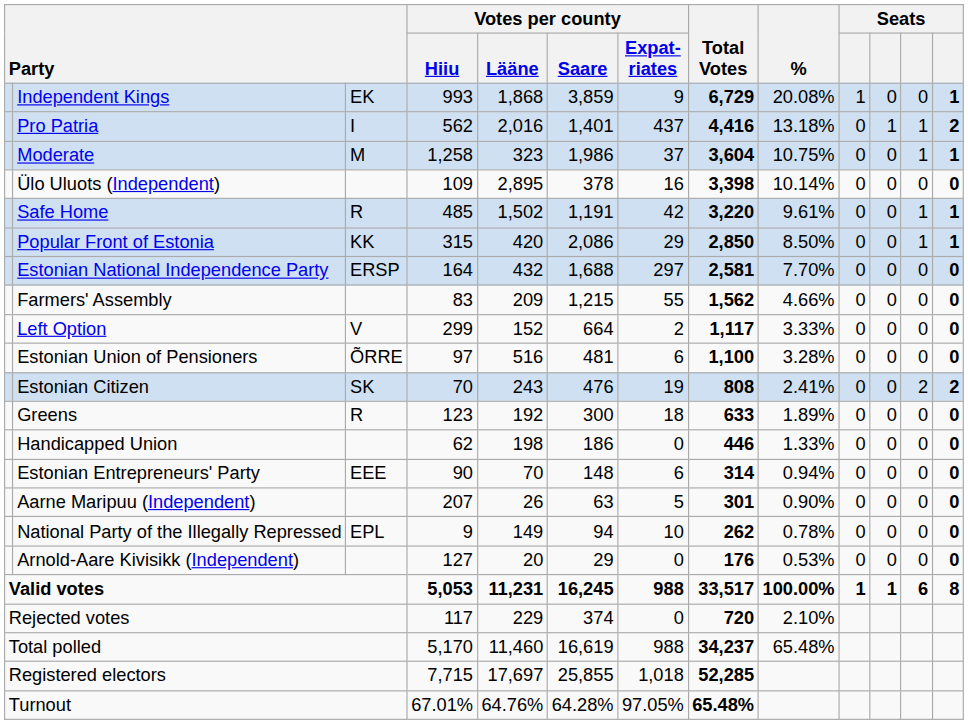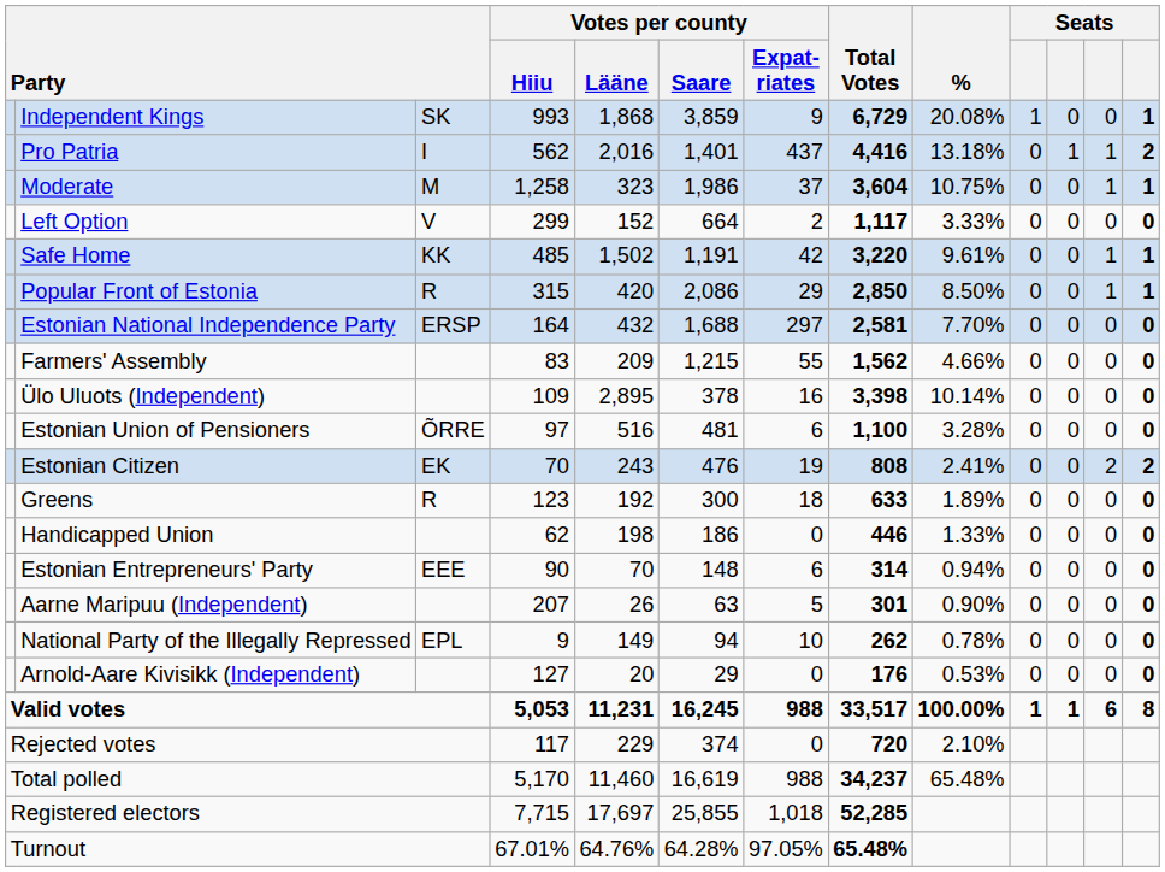 <table class="wikitable" border="1" style="text-align:right;">
 <tr>
 <th style="text-align:left;" valign=bottom rowspan=2 colspan=3>Party</th>
 <th colspan=4>Votes per county</th>
 <th align=center valign=bottom rowspan=2 width="50">Total Votes</th>
 <th align=center valign=bottom rowspan=2 width="50">%</th>
 <th colspan=4>Seats</th>
 </tr>
 <tr>
 <th align=center valign=bottom width="50"><a href='#'>Hiiu</a></th>
 <th align=center valign=bottom width="50"><a href='#'>Lääne</a></th>
 <th align=center valign=bottom width="50"><a href='#'>Saare</a></th>
 <th align=center valign=bottom width="50"><a href='#'>Expat- riates</a></th>
 <th align=center valign=bottom width="20"><small></small></th>
 <th align=center valign=bottom width="20"><small></small></th>
 <th align=center valign=bottom width="20"><small></small></th>
 <th align=center valign=bottom width="20"><small></small></th>
 </tr>
 <tr style="background:#CEE0F2;">
 <td></td>
 <td align=left><a href='#'>Independent Kings</a></td>
-<td align=left>EK</td>
+<td align=left>SK</td>
 <td>993</td>
 <td>1,868</td>
 <td>3,859</td>
 <td>9</td>
 <td><strong>6,729</strong></td>
 <td>20.08%</td>
 <td>1</td>
 <td>0</td>
 <td>0</td>
 <td><strong>1</strong></td>
 </tr>
 <tr style="background:#CEE0F2;">
 <td style="background:"></td>
 <td align=left><a href='#'>Pro Patria</a></td>
 <td align=left>I</td>
 <td>562</td>
 <td>2,016</td>
 <td>1,401</td>
 <td>437</td>
 <td><strong>4,416</strong></td>
 <td>13.18%</td>
 <td>0</td>
 <td>1</td>
 <td>1</td>
 <td><strong>2</strong></td>
 </tr>
 <tr style="background:#CEE0F2;">
 <td style="background:"></td>
 <td align=left><a href='#'>Moderate</a></td>
 <td align=left>M</td>
 <td>1,258</td>
 <td>323</td>
 <td>1,986</td>
 <td>37</td>
 <td><strong>3,604</strong></td>
 <td>10.75%</td>
 <td>0</td>
 <td>0</td>
 <td>1</td>
 <td><strong>1</strong></td>
 </tr>
 <tr>
 <td style="background:"></td>
-<td align=left>Ülo Uluots (<a href='#'>Independent</a>)</td>
-<td></td>
-<td>109</td>
-<td>2,895</td>
-<td>378</td>
-<td>16</td>
-<td><strong>3,398</strong></td>
-<td>10.14%</td>
+<td align=left><a href='#'>Left Option</a></td>
+<td align=left>V</td>
+<td>299</td>
+<td>152</td>
+<td>664</td>
+<td>2</td>
+<td><strong>1,117</strong></td>
+<td>3.33%</td>
 <td>0</td>
 <td>0</td>
 <td>0</td>
 <td><strong>0</strong></td>
 </tr>
 <tr style="background:#CEE0F2;">
 <td style="background:"></td>
 <td align=left><a href='#'>Safe Home</a></td>
-<td align=left>R</td>
+<td align=left>KK</td>
 <td>485</td>
 <td>1,502</td>
 <td>1,191</td>
 <td>42</td>
 <td><strong>3,220</strong></td>
 <td>9.61%</td>
 <td>0</td>
 <td>0</td>
 <td>1</td>
 <td><strong>1</strong></td>
 </tr>
 <tr style="background:#CEE0F2;">
 <td style="background:"></td>
 <td align=left><a href='#'>Popular Front of Estonia</a></td>
-<td align=left>KK</td>
+<td align=left>R</td>
 <td>315</td>
 <td>420</td>
 <td>2,086</td>
 <td>29</td>
 <td><strong>2,850</strong></td>
 <td>8.50%</td>
 <td>0</td>
 <td>0</td>
 <td>1</td>
 <td><strong>1</strong></td>
 </tr>
 <tr style="background:#CEE0F2;">
 <td></td>
 <td align=left><a href='#'>Estonian National Independence Party</a></td>
 <td align=left>ERSP</td>
 <td>164</td>
 <td>432</td>
 <td>1,688</td>
 <td>297</td>
 <td><strong>2,581</strong></td>
 <td>7.70%</td>
 <td>0</td>
 <td>0</td>
 <td>0</td>
 <td><strong>0</strong></td>
 </tr>
 <tr>
 <td></td>
 <td align=left>Farmers' Assembly</td>
 <td></td>
 <td>83</td>
 <td>209</td>
 <td>1,215</td>
 <td>55</td>
 <td><strong>1,562</strong></td>
 <td>4.66%</td>
 <td>0</td>
 <td>0</td>
 <td>0</td>
 <td><strong>0</strong></td>
 </tr>
 <tr>
 <td style="background:"></td>
-<td align=left><a href='#'>Left Option</a></td>
-<td align=left>V</td>
-<td>299</td>
-<td>152</td>
-<td>664</td>
-<td>2</td>
-<td><strong>1,117</strong></td>
-<td>3.33%</td>
+<td align=left>Ülo Uluots (<a href='#'>Independent</a>)</td>
+<td></td>
+<td>109</td>
+<td>2,895</td>
+<td>378</td>
+<td>16</td>
+<td><strong>3,398</strong></td>
+<td>10.14%</td>
 <td>0</td>
 <td>0</td>
 <td>0</td>
 <td><strong>0</strong></td>
 </tr>
 <tr>
 <td></td>
 <td align=left>Estonian Union of Pensioners</td>
 <td align=left>ÕRRE</td>
 <td>97</td>
 <td>516</td>
 <td>481</td>
 <td>6</td>
 <td><strong>1,100</strong></td>
 <td>3.28%</td>
 <td>0</td>
 <td>0</td>
 <td>0</td>
 <td><strong>0</strong></td>
 </tr>
 <tr style="background:#CEE0F2;">
 <td></td>
 <td align=left>Estonian Citizen</td>
-<td align=left>SK</td>
+<td align=left>EK</td>
 <td>70</td>
 <td>243</td>
 <td>476</td>
 <td>19</td>
 <td><strong>808</strong></td>
 <td>2.41%</td>
 <td>0</td>
 <td>0</td>
 <td>2</td>
 <td><strong>2</strong></td>
 </tr>
 <tr>
 <td></td>
 <td align=left>Greens</td>
 <td align=left>R</td>
 <td>123</td>
 <td>192</td>
 <td>300</td>
 <td>18</td>
 <td><strong>633</strong></td>
 <td>1.89%</td>
 <td>0</td>
 <td>0</td>
 <td>0</td>
 <td><strong>0</strong></td>
 </tr>
 <tr>
 <td></td>
 <td align=left>Handicapped Union</td>
 <td></td>
 <td>62</td>
 <td>198</td>
 <td>186</td>
 <td>0</td>
 <td><strong>446</strong></td>
 <td>1.33%</td>
 <td>0</td>
 <td>0</td>
 <td>0</td>
 <td><strong>0</strong></td>
 </tr>
 <tr>
 <td></td>
 <td align=left>Estonian Entrepreneurs' Party</td>
 <td align=left>EEE</td>
 <td>90</td>
 <td>70</td>
 <td>148</td>
 <td>6</td>
 <td><strong>314</strong></td>
 <td>0.94%</td>
 <td>0</td>
 <td>0</td>
 <td>0</td>
 <td><strong>0</strong></td>
 </tr>
 <tr>
 <td style="background:"></td>
 <td align=left>Aarne Maripuu (<a href='#'>Independent</a>)</td>
 <td></td>
 <td>207</td>
 <td>26</td>
 <td>63</td>
 <td>5</td>
 <td><strong>301</strong></td>
 <td>0.90%</td>
 <td>0</td>
 <td>0</td>
 <td>0</td>
 <td><strong>0</strong></td>
 </tr>
 <tr>
 <td></td>
 <td align=left>National Party of the Illegally Repressed</td>
 <td align=left>EPL</td>
 <td>9</td>
 <td>149</td>
 <td>94</td>
 <td>10</td>
 <td><strong>262</strong></td>
 <td>0.78%</td>
 <td>0</td>
 <td>0</td>
 <td>0</td>
 <td><strong>0</strong></td>
 </tr>
 <tr>
 <td style="background:"></td>
 <td align=left>Arnold-Aare Kivisikk (<a href='#'>Independent</a>)</td>
 <td></td>
 <td>127</td>
 <td>20</td>
 <td>29</td>
 <td>0</td>
 <td><strong>176</strong></td>
 <td>0.53%</td>
 <td>0</td>
 <td>0</td>
 <td>0</td>
 <td><strong>0</strong></td>
 </tr>
 <tr style="font-weight:bold">
 <td align=left colspan=3>Valid votes</td>
 <td>5,053</td>
 <td>11,231</td>
 <td>16,245</td>
 <td>988</td>
 <td>33,517</td>
 <td>100.00%</td>
 <td>1</td>
 <td>1</td>
 <td>6</td>
 <td>8</td>
 </tr>
 <tr>
 <td align=left colspan=3>Rejected votes</td>
 <td>117</td>
 <td>229</td>
 <td>374</td>
 <td>0</td>
 <td><strong>720</strong></td>
 <td>2.10%</td>
 <td></td>
 <td></td>
 <td></td>
 <td></td>
 </tr>
 <tr>
 <td align=left colspan=3>Total polled</td>
 <td>5,170</td>
 <td>11,460</td>
 <td>16,619</td>
 <td>988</td>
 <td><strong>34,237</strong></td>
 <td>65.48%</td>
 <td></td>
 <td></td>
 <td></td>
 <td></td>
 </tr>
 <tr>
 <td align=left colspan=3>Registered electors</td>
 <td>7,715</td>
 <td>17,697</td>
 <td>25,855</td>
 <td>1,018</td>
 <td><strong>52,285</strong></td>
 <td></td>
 <td></td>
 <td></td>
 <td></td>
 <td></td>
 </tr>
 <tr>
 <td align=left colspan=3>Turnout</td>
 <td>67.01%</td>
 <td>64.76%</td>
 <td>64.28%</td>
 <td>97.05%</td>
 <td><strong>65.48%</strong></td>
 <td></td>
 <td></td>
 <td></td>
 <td></td>
 <td></td>
 </tr>
 </table>
